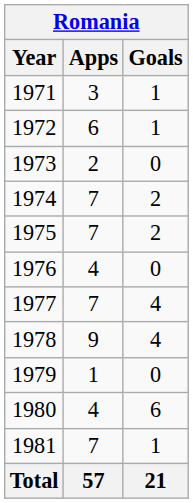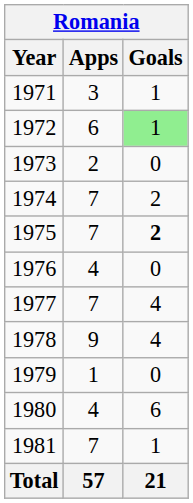 <table class="wikitable" style="text-align:center">
 <tr>
 <th colspan=3><a href='#'>Romania</a></th>
 </tr>
 <tr>
 <th>Year</th>
 <th>Apps</th>
 <th>Goals</th>
 </tr>
 <tr>
 <td>1971</td>
 <td>3</td>
 <td>1</td>
 </tr>
 <tr>
 <td>1972</td>
 <td>6</td>
-<td>1</td>
+<td style="background: lightgreen;">1</td>
 </tr>
 <tr>
 <td>1973</td>
 <td>2</td>
 <td>0</td>
 </tr>
 <tr>
 <td>1974</td>
 <td>7</td>
 <td>2</td>
 </tr>
 <tr>
 <td>1975</td>
 <td>7</td>
-<td>2</td>
+<td><strong>2</strong></td>
 </tr>
 <tr>
 <td>1976</td>
 <td>4</td>
 <td>0</td>
 </tr>
 <tr>
 <td>1977</td>
 <td>7</td>
 <td>4</td>
 </tr>
 <tr>
 <td>1978</td>
 <td>9</td>
 <td>4</td>
 </tr>
 <tr>
 <td>1979</td>
 <td>1</td>
 <td>0</td>
 </tr>
 <tr>
 <td>1980</td>
 <td>4</td>
 <td>6</td>
 </tr>
 <tr>
 <td>1981</td>
 <td>7</td>
 <td>1</td>
 </tr>
 <tr>
 <th>Total</th>
 <th>57</th>
 <th>21</th>
 </tr>
 </table>
